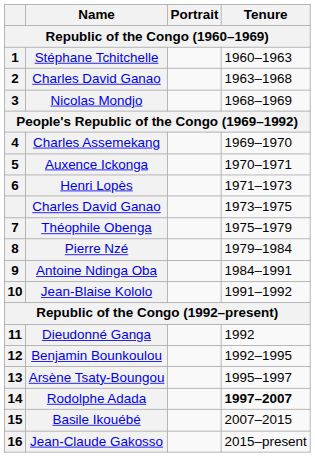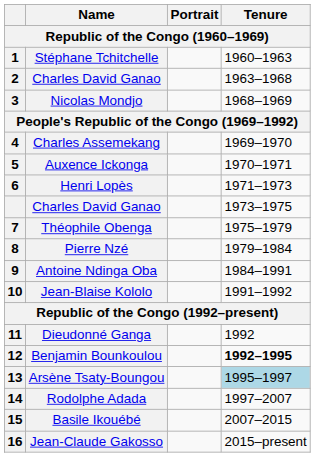 <table class="wikitable">
 <tr>
 <th></th>
 <th>Name<br></th>
 <th>Portrait</th>
 <th>Tenure</th>
 </tr>
 <tr>
 <th colspan="4" align="center">Republic of the Congo (1960–1969)</th>
 </tr>
 <tr>
 <th>1</th>
 <th align="center" scope="row" style="font-weight:normal;"><a href='#'>Stéphane Tchitchelle</a><br></th>
 <td></td>
 <td>1960–1963</td>
 </tr>
 <tr>
 <th>2</th>
 <th align="center" scope="row" style="font-weight:normal;"><a href='#'>Charles David Ganao</a><br></th>
 <td></td>
 <td>1963–1968</td>
 </tr>
 <tr>
 <th>3</th>
 <th align="center" scope="row" style="font-weight:normal;"><a href='#'>Nicolas Mondjo</a><br></th>
 <td></td>
 <td>1968–1969</td>
 </tr>
 <tr>
 <th colspan="4" align="center">People's Republic of the Congo (1969–1992)</th>
 </tr>
 <tr>
 <th>4</th>
 <th align="center" scope="row" style="font-weight:normal;"><a href='#'>Charles Assemekang</a><br></th>
 <td></td>
 <td>1969–1970</td>
 </tr>
 <tr>
 <th>5</th>
 <th align="center" scope="row" style="font-weight:normal;"><a href='#'>Auxence Ickonga</a><br></th>
 <td></td>
 <td>1970–1971</td>
 </tr>
 <tr>
 <th>6</th>
 <th align="center" scope="row" style="font-weight:normal;"><a href='#'>Henri Lopès</a><br></th>
 <td></td>
 <td>1971–1973</td>
 </tr>
 <tr>
 <th></th>
 <th align="center" scope="row" style="font-weight:normal;"><a href='#'>Charles David Ganao</a><br></th>
 <td></td>
 <td>1973–1975</td>
 </tr>
 <tr>
 <th>7</th>
 <th align="center" scope="row" style="font-weight:normal;"><a href='#'>Théophile Obenga</a><br></th>
 <td></td>
 <td>1975–1979</td>
 </tr>
 <tr>
 <th>8</th>
 <th align="center" scope="row" style="font-weight:normal;"><a href='#'>Pierre Nzé</a><br></th>
 <td></td>
 <td>1979–1984</td>
 </tr>
 <tr>
 <th>9</th>
 <th align="center" scope="row" style="font-weight:normal;"><a href='#'>Antoine Ndinga Oba</a><br></th>
 <td></td>
 <td>1984–1991</td>
 </tr>
 <tr>
 <th>10</th>
 <th align="center" scope="row" style="font-weight:normal;"><a href='#'>Jean-Blaise Kololo</a><br></th>
 <td></td>
 <td>1991–1992</td>
 </tr>
 <tr>
 <th colspan="4" align="center">Republic of the Congo (1992–present)</th>
 </tr>
 <tr>
 <th>11</th>
 <th align="center" scope="row" style="font-weight:normal;"><a href='#'>Dieudonné Ganga</a><br></th>
 <td></td>
 <td>1992</td>
 </tr>
 <tr>
 <th>12</th>
 <th align="center" scope="row" style="font-weight:normal;"><a href='#'>Benjamin Bounkoulou</a><br></th>
 <td></td>
-<td>1992–1995</td>
+<td><strong>1992–1995</strong></td>
 </tr>
 <tr>
 <th>13</th>
 <th align="center" scope="row" style="font-weight:normal;"><a href='#'>Arsène Tsaty-Boungou</a><br></th>
 <td></td>
-<td>1995–1997</td>
+<td style="background: lightblue;">1995–1997</td>
 </tr>
 <tr>
 <th>14</th>
 <th align="center" scope="row" style="font-weight:normal;"><a href='#'>Rodolphe Adada</a><br></th>
 <td></td>
-<td><strong>1997–2007</strong></td>
+<td>1997–2007</td>
 </tr>
 <tr>
 <th>15</th>
 <th align="center" scope="row" style="font-weight:normal;"><a href='#'>Basile Ikouébé</a><br></th>
 <td></td>
 <td>2007–2015</td>
 </tr>
 <tr>
 <th>16</th>
 <th align="center" scope="row" style="font-weight:normal;"><a href='#'>Jean-Claude Gakosso</a><br></th>
 <td></td>
 <td>2015–present</td>
 </tr>
 </table>
